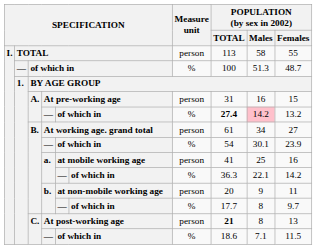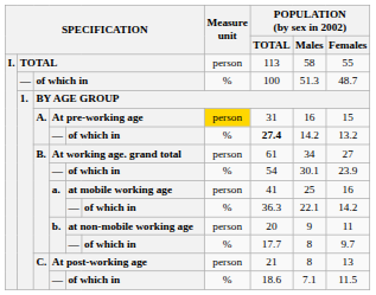 <table class="wikitable" style="font-size:85%; text-align:center">
 <tr>
 <th rowspan="2" colspan="6">SPECIFICATION</th>
 <th rowspan="2">Measure<br> unit</th>
 <th colspan="3" rowspan="1">POPULATION<br> (by sex in 2002)</th>
 </tr>
 <tr>
 <th>TOTAL</th>
 <th>Males</th>
 <th>Females</th>
 </tr>
 <tr>
 <th style="text-align:left" valign="top" rowspan="13">I.</th>
 <th style="text-align:left" colspan="5">TOTAL</th>
 <td>person</td>
 <td>113</td>
 <td>58</td>
 <td>55</td>
 </tr>
 <tr>
 <th style="text-align:left" valign="top">—</th>
 <th style="text-align:left" colspan="4">of which in</th>
 <td>%</td>
 <td>100</td>
 <td>51.3</td>
 <td>48.7</td>
 </tr>
 <tr>
 <th style="text-align:left" valign="top" rowspan="11">1.</th>
 <th style="text-align:left" colspan="19">BY AGE GROUP</th>
 </tr>
 <tr>
 <th style="text-align:left" valign="top" rowspan="2">A.</th>
 <th style="text-align:left" colspan="3">At pre-working age</th>
-<td>person</td>
+<td style="background: gold;">person</td>
 <td>31</td>
 <td>16</td>
 <td>15</td>
 </tr>
 <tr>
 <th style="text-align:left" valign="top">—</th>
 <th style="text-align:left" valign="top" colspan="2">of which in</th>
 <td>%</td>
 <td><strong>27.4</strong></td>
-<td style="background: pink;">14.2</td>
+<td>14.2</td>
 <td>13.2</td>
 </tr>
 <tr>
 <th style="text-align:left" valign="top" rowspan="6">B.</th>
 <th style="text-align:left" colspan="3">At working age. grand total</th>
 <td>person</td>
 <td>61</td>
 <td>34</td>
 <td>27</td>
 </tr>
 <tr>
 <th style="text-align:left" valign="top">—</th>
 <th style="text-align:left" valign="top" colspan="2">of which in</th>
 <td>%</td>
 <td>54</td>
 <td>30.1</td>
 <td>23.9</td>
 </tr>
 <tr>
 <th style="text-align:left" valign="top" rowspan="2">a.</th>
 <th style="text-align:left" colspan="2">at mobile working age</th>
 <td>person</td>
 <td>41</td>
 <td>25</td>
 <td>16</td>
 </tr>
 <tr>
 <th style="text-align:left" valign="top">—</th>
 <th style="text-align:left" valign="top" colspan="1">of which in                        </th>
 <td>%</td>
 <td>36.3</td>
 <td>22.1</td>
 <td>14.2</td>
 </tr>
 <tr>
 <th style="text-align:left" valign="top" rowspan="2">b.</th>
 <th style="text-align:left" colspan="2">at non-mobile working age</th>
 <td>person</td>
 <td>20</td>
 <td>9</td>
 <td>11</td>
 </tr>
 <tr>
 <th style="text-align:left" valign="top">—</th>
 <th style="text-align:left" valign="top" colspan="1">of which in                        </th>
 <td>%</td>
 <td>17.7</td>
 <td>8</td>
 <td>9.7</td>
 </tr>
 <tr>
 <th style="text-align:left" valign="top" rowspan="2">C.</th>
 <th style="text-align:left" colspan="3">At post-working age</th>
 <td>person</td>
-<td><strong>21</strong></td>
+<td>21</td>
 <td>8</td>
 <td>13</td>
 </tr>
 <tr>
 <th style="text-align:left" valign="top">—</th>
 <th style="text-align:left" valign="top" colspan="2">of which in</th>
 <td>%</td>
 <td>18.6</td>
 <td>7.1</td>
 <td>11.5</td>
 </tr>
 </table>
